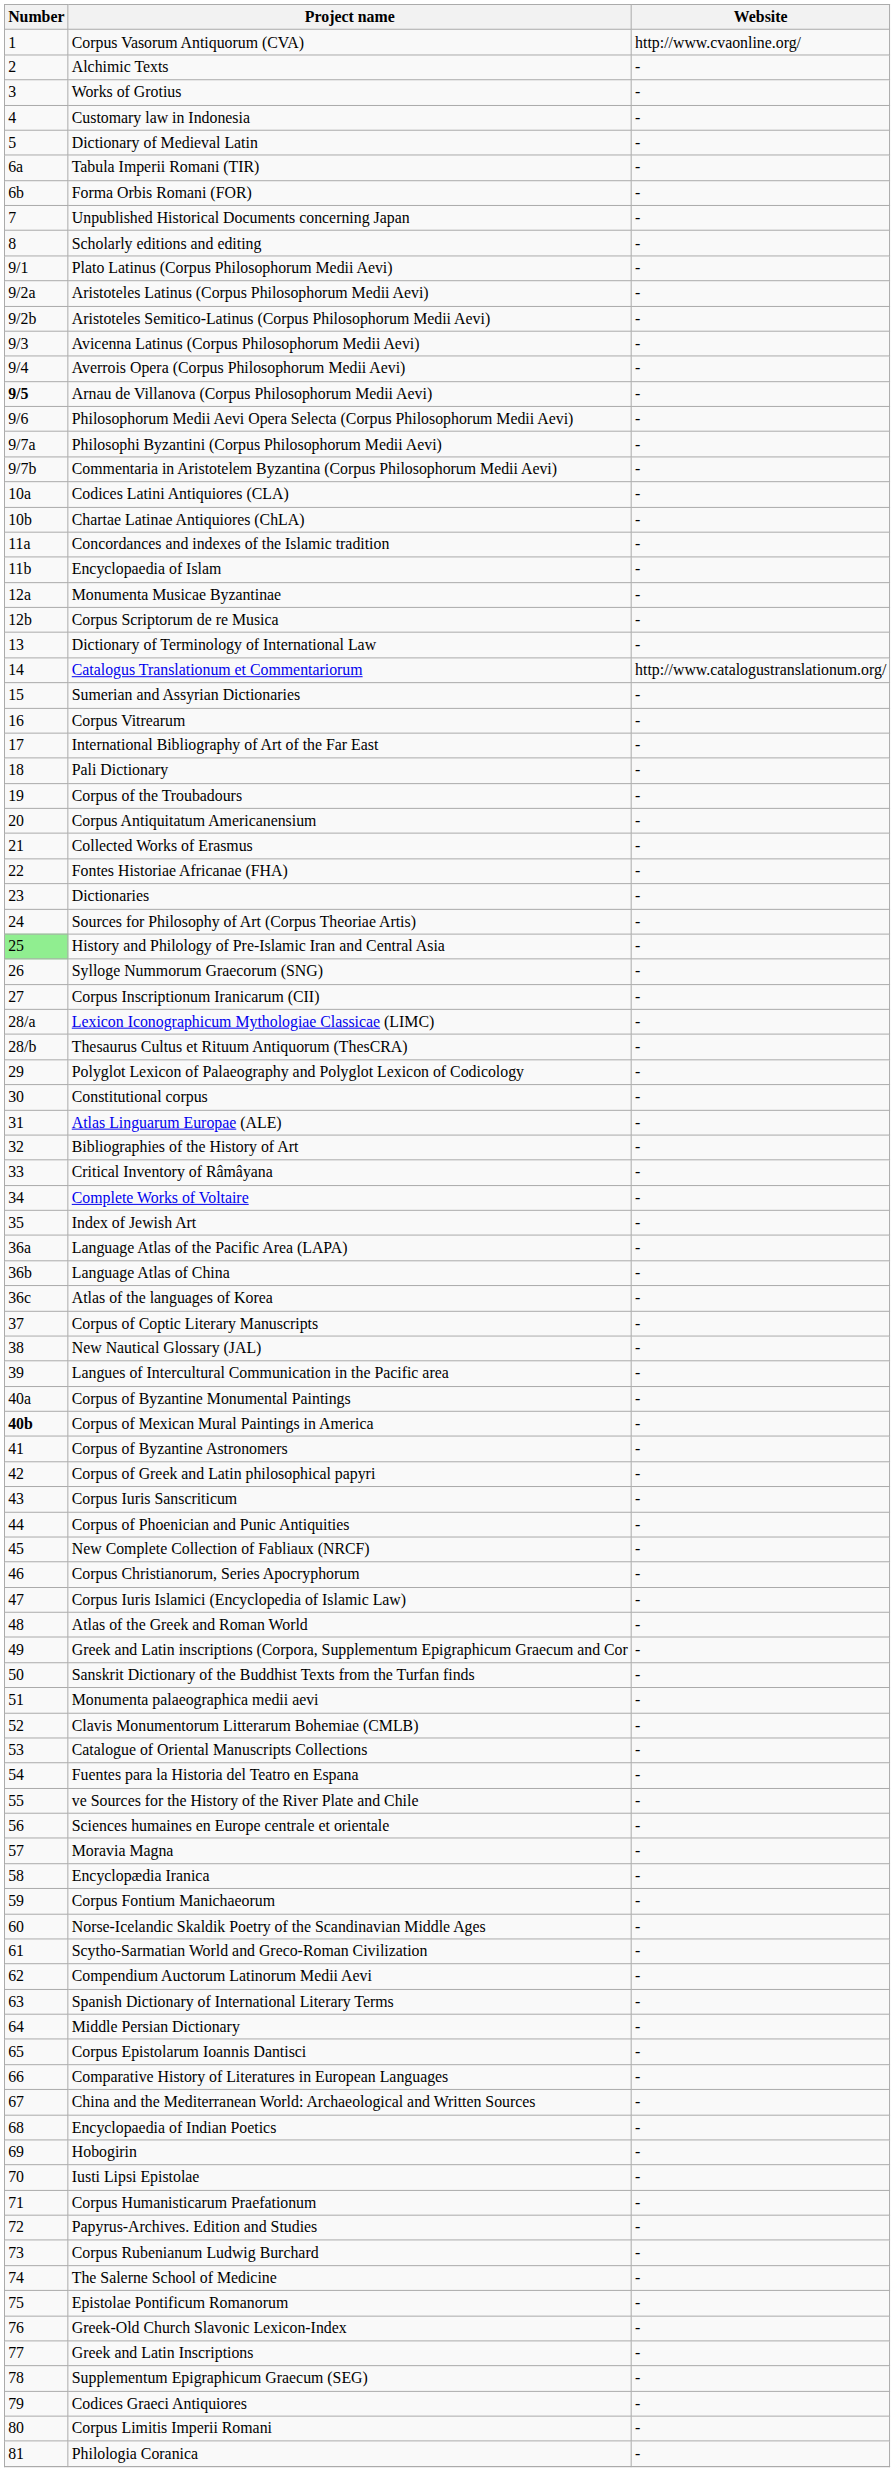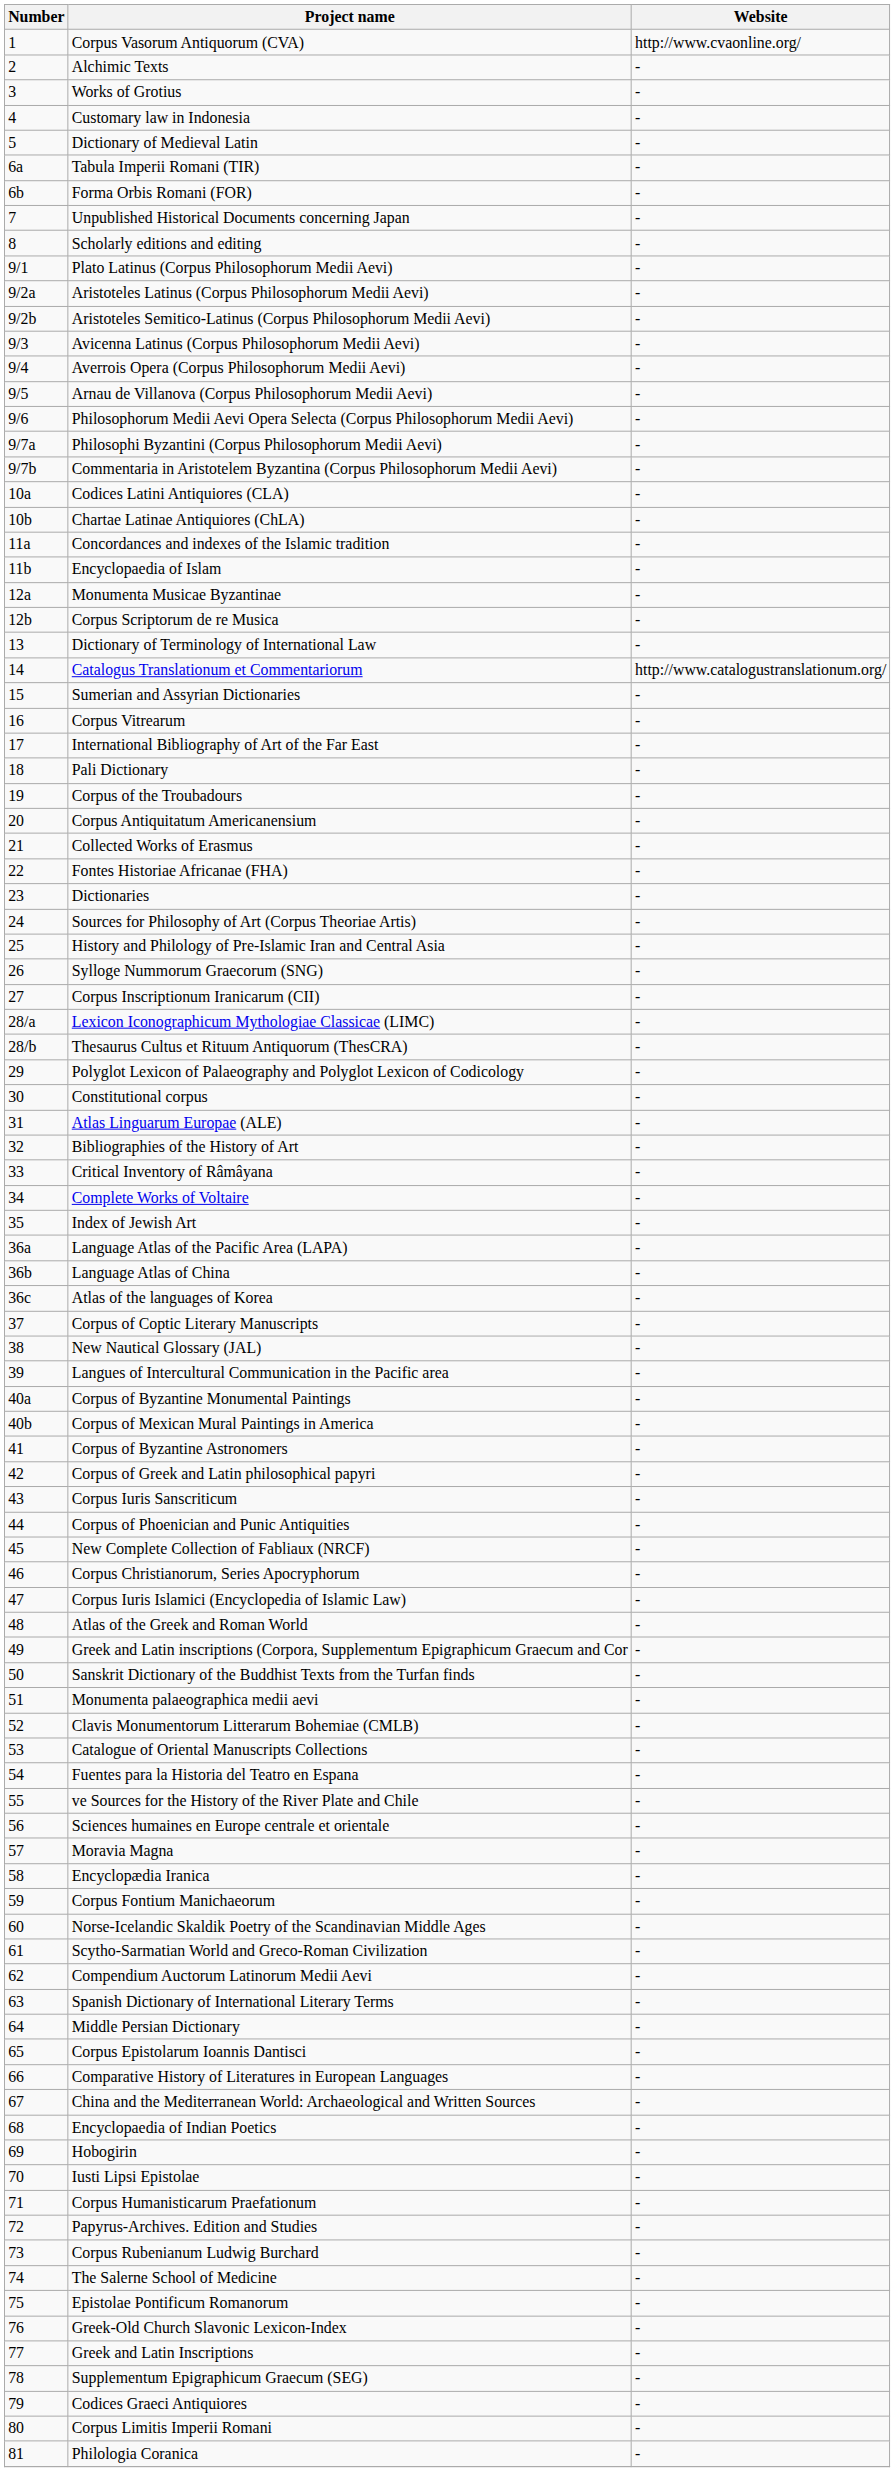 <table class="wikitable">
 <tr>
 <th>Number</th>
 <th>Project name</th>
 <th>Website</th>
 </tr>
 <tr>
 <td>1</td>
 <td>Corpus Vasorum Antiquorum (CVA)</td>
 <td>http://www.cvaonline.org/</td>
 </tr>
 <tr>
 <td>2</td>
 <td>Alchimic Texts</td>
 <td>-</td>
 </tr>
 <tr>
 <td>3</td>
 <td>Works of Grotius</td>
 <td>-</td>
 </tr>
 <tr>
 <td>4</td>
 <td>Customary law in Indonesia</td>
 <td>-</td>
 </tr>
 <tr>
 <td>5</td>
 <td>Dictionary of Medieval Latin</td>
 <td>-</td>
 </tr>
 <tr>
 <td>6a</td>
 <td>Tabula Imperii Romani (TIR)</td>
 <td>-</td>
 </tr>
 <tr>
 <td>6b</td>
 <td>Forma Orbis Romani (FOR)</td>
 <td>-</td>
 </tr>
 <tr>
 <td>7</td>
 <td>Unpublished Historical Documents concerning Japan</td>
 <td>-</td>
 </tr>
 <tr>
 <td>8</td>
 <td>Scholarly editions and editing</td>
 <td>-</td>
 </tr>
 <tr>
 <td>9/1</td>
 <td>Plato Latinus (Corpus Philosophorum Medii Aevi)</td>
 <td>-</td>
 </tr>
 <tr>
 <td>9/2a</td>
 <td>Aristoteles Latinus (Corpus Philosophorum Medii Aevi)</td>
 <td>-</td>
 </tr>
 <tr>
 <td>9/2b</td>
 <td>Aristoteles Semitico-Latinus (Corpus Philosophorum Medii Aevi)</td>
 <td>-</td>
 </tr>
 <tr>
 <td>9/3</td>
 <td>Avicenna Latinus (Corpus Philosophorum Medii Aevi)</td>
 <td>-</td>
 </tr>
 <tr>
 <td>9/4</td>
 <td>Averrois Opera (Corpus Philosophorum Medii Aevi)</td>
 <td>-</td>
 </tr>
 <tr>
-<td><strong>9/5</strong></td>
+<td>9/5</td>
 <td>Arnau de Villanova (Corpus Philosophorum Medii Aevi)</td>
 <td>-</td>
 </tr>
 <tr>
 <td>9/6</td>
 <td>Philosophorum Medii Aevi Opera Selecta (Corpus Philosophorum Medii Aevi)</td>
 <td>-</td>
 </tr>
 <tr>
 <td>9/7a</td>
 <td>Philosophi Byzantini (Corpus Philosophorum Medii Aevi)</td>
 <td>-</td>
 </tr>
 <tr>
 <td>9/7b</td>
 <td>Commentaria in Aristotelem Byzantina (Corpus Philosophorum Medii Aevi)</td>
 <td>-</td>
 </tr>
 <tr>
 <td>10a</td>
 <td>Codices Latini Antiquiores (CLA)</td>
 <td>-</td>
 </tr>
 <tr>
 <td>10b</td>
 <td>Chartae Latinae Antiquiores (ChLA)</td>
 <td>-</td>
 </tr>
 <tr>
 <td>11a</td>
 <td>Concordances and indexes of the Islamic tradition</td>
 <td>-</td>
 </tr>
 <tr>
 <td>11b</td>
 <td>Encyclopaedia of Islam</td>
 <td>-</td>
 </tr>
 <tr>
 <td>12a</td>
 <td>Monumenta Musicae Byzantinae</td>
 <td>-</td>
 </tr>
 <tr>
 <td>12b</td>
 <td>Corpus Scriptorum de re Musica</td>
 <td>-</td>
 </tr>
 <tr>
 <td>13</td>
 <td>Dictionary of Terminology of International Law</td>
 <td>-</td>
 </tr>
 <tr>
 <td>14</td>
 <td><a href='#'>Catalogus Translationum et Commentariorum</a></td>
 <td>http://www.catalogustranslationum.org/</td>
 </tr>
 <tr>
 <td>15</td>
 <td>Sumerian and Assyrian Dictionaries</td>
 <td>-</td>
 </tr>
 <tr>
 <td>16</td>
 <td>Corpus Vitrearum</td>
 <td>-</td>
 </tr>
 <tr>
 <td>17</td>
 <td>International Bibliography of Art of the Far East</td>
 <td>-</td>
 </tr>
 <tr>
 <td>18</td>
 <td>Pali Dictionary</td>
 <td>-</td>
 </tr>
 <tr>
 <td>19</td>
 <td>Corpus of the Troubadours</td>
 <td>-</td>
 </tr>
 <tr>
 <td>20</td>
 <td>Corpus Antiquitatum Americanensium</td>
 <td>-</td>
 </tr>
 <tr>
 <td>21</td>
 <td>Collected Works of Erasmus</td>
 <td>-</td>
 </tr>
 <tr>
 <td>22</td>
 <td>Fontes Historiae Africanae (FHA)</td>
 <td>-</td>
 </tr>
 <tr>
 <td>23</td>
 <td>Dictionaries</td>
 <td>-</td>
 </tr>
 <tr>
 <td>24</td>
 <td>Sources for Philosophy of Art (Corpus Theoriae Artis)</td>
 <td>-</td>
 </tr>
 <tr>
-<td style="background: lightgreen;">25</td>
+<td>25</td>
 <td>History and Philology of Pre-Islamic Iran and Central Asia</td>
 <td>-</td>
 </tr>
 <tr>
 <td>26</td>
 <td>Sylloge Nummorum Graecorum (SNG)</td>
 <td>-</td>
 </tr>
 <tr>
 <td>27</td>
 <td>Corpus Inscriptionum Iranicarum (CII)</td>
 <td>-</td>
 </tr>
 <tr>
 <td>28/a</td>
 <td><a href='#'>Lexicon Iconographicum Mythologiae Classicae</a> (LIMC)</td>
 <td>-</td>
 </tr>
 <tr>
 <td>28/b</td>
 <td>Thesaurus Cultus et Rituum Antiquorum (ThesCRA)</td>
 <td>-</td>
 </tr>
 <tr>
 <td>29</td>
 <td>Polyglot Lexicon of Palaeography and Polyglot Lexicon of Codicology</td>
 <td>-</td>
 </tr>
 <tr>
 <td>30</td>
 <td>Constitutional corpus</td>
 <td>-</td>
 </tr>
 <tr>
 <td>31</td>
 <td><a href='#'>Atlas Linguarum Europae</a> (ALE)</td>
 <td>-</td>
 </tr>
 <tr>
 <td>32</td>
 <td>Bibliographies of the History of Art</td>
 <td>-</td>
 </tr>
 <tr>
 <td>33</td>
 <td>Critical Inventory of Râmâyana</td>
 <td>-</td>
 </tr>
 <tr>
 <td>34</td>
 <td><a href='#'>Complete Works of Voltaire</a></td>
 <td>-</td>
 </tr>
 <tr>
 <td>35</td>
 <td>Index of Jewish Art</td>
 <td>-</td>
 </tr>
 <tr>
 <td>36a</td>
 <td>Language Atlas of the Pacific Area (LAPA)</td>
 <td>-</td>
 </tr>
 <tr>
 <td>36b</td>
 <td>Language Atlas of China</td>
 <td>-</td>
 </tr>
 <tr>
 <td>36c</td>
 <td>Atlas of the languages of Korea</td>
 <td>-</td>
 </tr>
 <tr>
 <td>37</td>
 <td>Corpus of Coptic Literary Manuscripts</td>
 <td>-</td>
 </tr>
 <tr>
 <td>38</td>
 <td>New Nautical Glossary (JAL)</td>
 <td>-</td>
 </tr>
 <tr>
 <td>39</td>
 <td>Langues of Intercultural Communication in the Pacific area</td>
 <td>-</td>
 </tr>
 <tr>
 <td>40a</td>
 <td>Corpus of Byzantine Monumental Paintings</td>
 <td>-</td>
 </tr>
 <tr>
-<td><strong>40b</strong></td>
+<td>40b</td>
 <td>Corpus of Mexican Mural Paintings in America</td>
 <td>-</td>
 </tr>
 <tr>
 <td>41</td>
 <td>Corpus of Byzantine Astronomers</td>
 <td>-</td>
 </tr>
 <tr>
 <td>42</td>
 <td>Corpus of Greek and Latin philosophical papyri</td>
 <td>-</td>
 </tr>
 <tr>
 <td>43</td>
 <td>Corpus Iuris Sanscriticum</td>
 <td>-</td>
 </tr>
 <tr>
 <td>44</td>
 <td>Corpus of Phoenician and Punic Antiquities</td>
 <td>-</td>
 </tr>
 <tr>
 <td>45</td>
 <td>New Complete Collection of Fabliaux (NRCF)</td>
 <td>-</td>
 </tr>
 <tr>
 <td>46</td>
 <td>Corpus Christianorum, Series Apocryphorum</td>
 <td>-</td>
 </tr>
 <tr>
 <td>47</td>
 <td>Corpus Iuris Islamici (Encyclopedia of Islamic Law)</td>
 <td>-</td>
 </tr>
 <tr>
 <td>48</td>
 <td>Atlas of the Greek and Roman World</td>
 <td>-</td>
 </tr>
 <tr>
 <td>49</td>
 <td>Greek and Latin inscriptions (Corpora, Supplementum Epigraphicum Graecum and Cor</td>
 <td>-</td>
 </tr>
 <tr>
 <td>50</td>
 <td>Sanskrit Dictionary of the Buddhist Texts from the Turfan finds</td>
 <td>-</td>
 </tr>
 <tr>
 <td>51</td>
 <td>Monumenta palaeographica medii aevi</td>
 <td>-</td>
 </tr>
 <tr>
 <td>52</td>
 <td>Clavis Monumentorum Litterarum Bohemiae (CMLB)</td>
 <td>-</td>
 </tr>
 <tr>
 <td>53</td>
 <td>Catalogue of Oriental Manuscripts Collections</td>
 <td>-</td>
 </tr>
 <tr>
 <td>54</td>
 <td>Fuentes para la Historia del Teatro en Espana</td>
 <td>-</td>
 </tr>
 <tr>
 <td>55</td>
 <td>ve Sources for the History of the River Plate and Chile</td>
 <td>-</td>
 </tr>
 <tr>
 <td>56</td>
 <td>Sciences humaines en Europe centrale et orientale</td>
 <td>-</td>
 </tr>
 <tr>
 <td>57</td>
 <td>Moravia Magna</td>
 <td>-</td>
 </tr>
 <tr>
 <td>58</td>
 <td>Encyclopædia Iranica</td>
 <td>-</td>
 </tr>
 <tr>
 <td>59</td>
 <td>Corpus Fontium Manichaeorum</td>
 <td>-</td>
 </tr>
 <tr>
 <td>60</td>
 <td>Norse-Icelandic Skaldik Poetry of the Scandinavian Middle Ages</td>
 <td>-</td>
 </tr>
 <tr>
 <td>61</td>
 <td>Scytho-Sarmatian World and Greco-Roman Civilization</td>
 <td>-</td>
 </tr>
 <tr>
 <td>62</td>
 <td>Compendium Auctorum Latinorum Medii Aevi</td>
 <td>-</td>
 </tr>
 <tr>
 <td>63</td>
 <td>Spanish Dictionary of International Literary Terms</td>
 <td>-</td>
 </tr>
 <tr>
 <td>64</td>
 <td>Middle Persian Dictionary</td>
 <td>-</td>
 </tr>
 <tr>
 <td>65</td>
 <td>Corpus Epistolarum Ioannis Dantisci</td>
 <td>-</td>
 </tr>
 <tr>
 <td>66</td>
 <td>Comparative History of Literatures in European Languages</td>
 <td>-</td>
 </tr>
 <tr>
 <td>67</td>
 <td>China and the Mediterranean World: Archaeological and Written Sources</td>
 <td>-</td>
 </tr>
 <tr>
 <td>68</td>
 <td>Encyclopaedia of Indian Poetics</td>
 <td>-</td>
 </tr>
 <tr>
 <td>69</td>
 <td>Hobogirin</td>
 <td>-</td>
 </tr>
 <tr>
 <td>70</td>
 <td>Iusti Lipsi Epistolae</td>
 <td>-</td>
 </tr>
 <tr>
 <td>71</td>
 <td>Corpus Humanisticarum Praefationum</td>
 <td>-</td>
 </tr>
 <tr>
 <td>72</td>
 <td>Papyrus-Archives. Edition and Studies</td>
 <td>-</td>
 </tr>
 <tr>
 <td>73</td>
 <td>Corpus Rubenianum Ludwig Burchard</td>
 <td>-</td>
 </tr>
 <tr>
 <td>74</td>
 <td>The Salerne School of Medicine</td>
 <td>-</td>
 </tr>
 <tr>
 <td>75</td>
 <td>Epistolae Pontificum Romanorum</td>
 <td>-</td>
 </tr>
 <tr>
 <td>76</td>
 <td>Greek-Old Church Slavonic Lexicon-Index</td>
 <td>-</td>
 </tr>
 <tr>
 <td>77</td>
 <td>Greek and Latin Inscriptions</td>
 <td>-</td>
 </tr>
 <tr>
 <td>78</td>
 <td>Supplementum Epigraphicum Graecum (SEG)</td>
 <td>-</td>
 </tr>
 <tr>
 <td>79</td>
 <td>Codices Graeci Antiquiores</td>
 <td>-</td>
 </tr>
 <tr>
 <td>80</td>
 <td>Corpus Limitis Imperii Romani</td>
 <td>-</td>
 </tr>
 <tr>
 <td>81</td>
 <td>Philologia Coranica</td>
 <td>-</td>
 </tr>
 <tr>
 </tr>
 </table>
